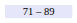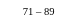 <table style="text-align:center">
 <tr>
 <th width=200></th>
 <th width=100></th>
 <th width=200></th>
 </tr>
 <tr>
 <td align=right></td>
-<td style="background: lavender;">71 – 89</td>
+<td>71 – 89</td>
 <td align=left></td>
 </tr>
 </table>
